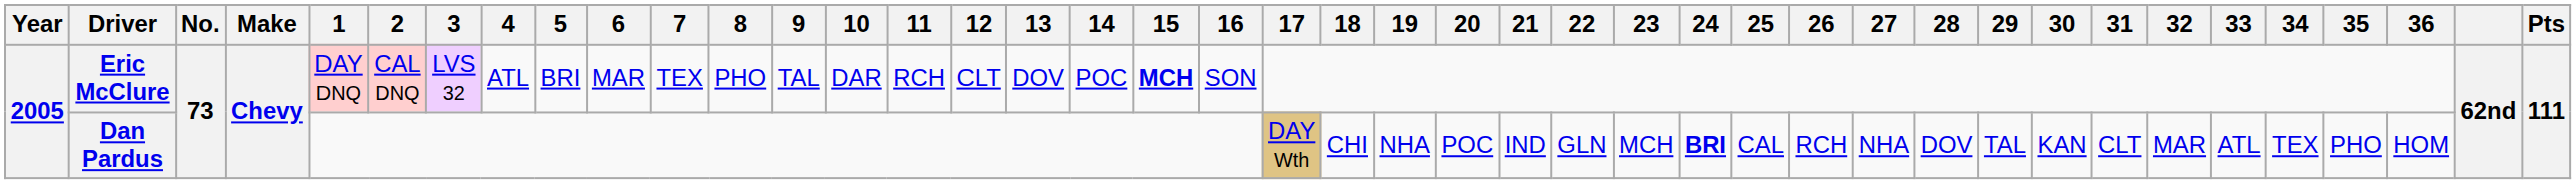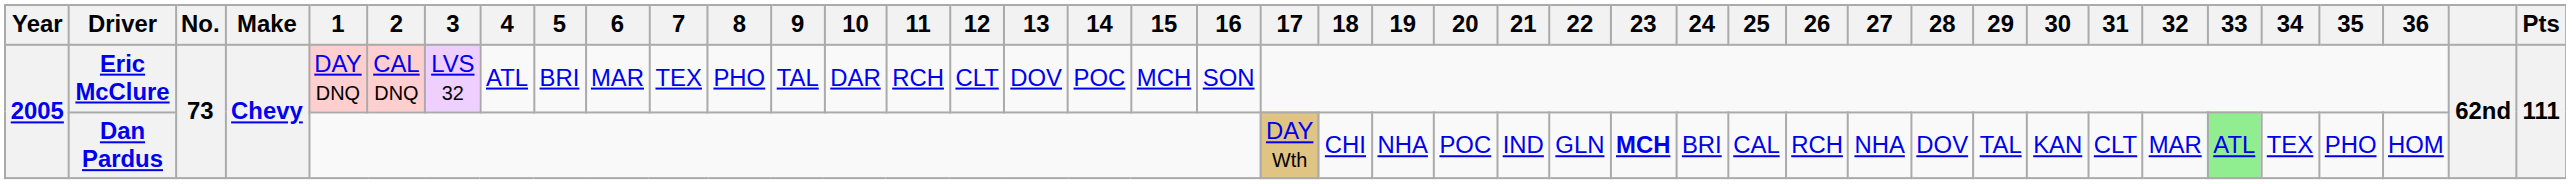 <table class="wikitable" style="text-align:center; font-size:75%">
 <tr>
 <th>Year</th>
 <th>Driver</th>
 <th>No.</th>
 <th>Make</th>
 <th>1</th>
 <th>2</th>
 <th>3</th>
 <th>4</th>
 <th>5</th>
 <th>6</th>
 <th>7</th>
 <th>8</th>
 <th>9</th>
 <th>10</th>
 <th>11</th>
 <th>12</th>
 <th>13</th>
 <th>14</th>
 <th>15</th>
 <th>16</th>
 <th>17</th>
 <th>18</th>
 <th>19</th>
 <th>20</th>
 <th>21</th>
 <th>22</th>
 <th>23</th>
 <th>24</th>
 <th>25</th>
 <th>26</th>
 <th>27</th>
 <th>28</th>
 <th>29</th>
 <th>30</th>
 <th>31</th>
 <th>32</th>
 <th>33</th>
 <th>34</th>
 <th>35</th>
 <th>36</th>
 <th></th>
 <th>Pts</th>
 </tr>
 <tr>
 <th rowspan=2><a href='#'>2005</a></th>
 <th><a href='#'>Eric McClure</a></th>
 <th rowspan=2>73</th>
 <th rowspan=2><a href='#'>Chevy</a></th>
 <td style="background:#FFCFCF;"><a href='#'>DAY</a><br><small>DNQ</small></td>
 <td style="background:#FFCFCF;"><a href='#'>CAL</a><br><small>DNQ</small></td>
 <td style="background:#EFCFFF;"><a href='#'>LVS</a><br><small>32</small></td>
 <td><a href='#'>ATL</a></td>
 <td><a href='#'>BRI</a></td>
 <td><a href='#'>MAR</a></td>
 <td><a href='#'>TEX</a></td>
 <td><a href='#'>PHO</a></td>
 <td><a href='#'>TAL</a></td>
 <td><a href='#'>DAR</a></td>
 <td><a href='#'>RCH</a></td>
 <td><a href='#'>CLT</a></td>
 <td><a href='#'>DOV</a></td>
 <td><a href='#'>POC</a></td>
-<td><strong><a href='#'>MCH</a></strong></td>
+<td><a href='#'>MCH</a></td>
 <td><a href='#'>SON</a></td>
 <td colspan=20></td>
 <th rowspan=2>62nd</th>
 <th rowspan=2>111</th>
 </tr>
 <tr>
 <th><a href='#'>Dan Pardus</a></th>
 <td colspan=16></td>
 <td style="background:#DFC484;"><a href='#'>DAY</a><br><small>Wth</small></td>
 <td><a href='#'>CHI</a></td>
 <td><a href='#'>NHA</a></td>
 <td><a href='#'>POC</a></td>
 <td><a href='#'>IND</a></td>
 <td><a href='#'>GLN</a></td>
-<td><a href='#'>MCH</a></td>
-<td><strong><a href='#'>BRI</a></strong></td>
+<td><strong><a href='#'>MCH</a></strong></td>
+<td><a href='#'>BRI</a></td>
 <td><a href='#'>CAL</a></td>
 <td><a href='#'>RCH</a></td>
 <td><a href='#'>NHA</a></td>
 <td><a href='#'>DOV</a></td>
 <td><a href='#'>TAL</a></td>
 <td><a href='#'>KAN</a></td>
 <td><a href='#'>CLT</a></td>
 <td><a href='#'>MAR</a></td>
-<td><a href='#'>ATL</a></td>
+<td style="background: lightgreen;"><a href='#'>ATL</a></td>
 <td><a href='#'>TEX</a></td>
 <td><a href='#'>PHO</a></td>
 <td><a href='#'>HOM</a></td>
 </tr>
 </table>
